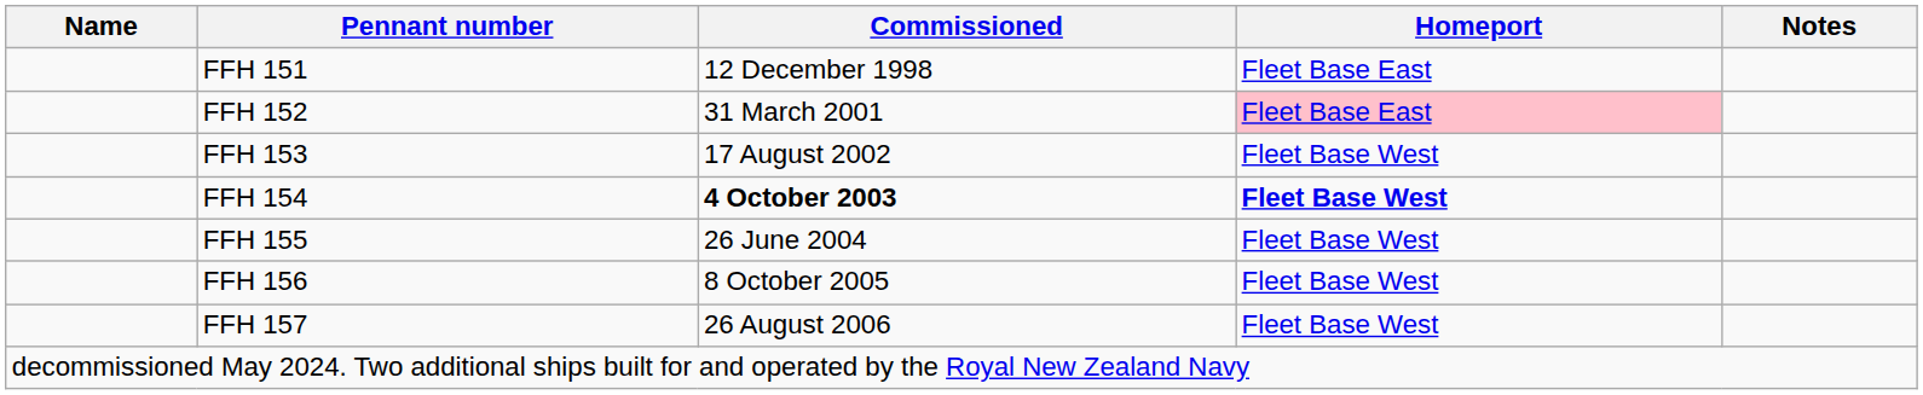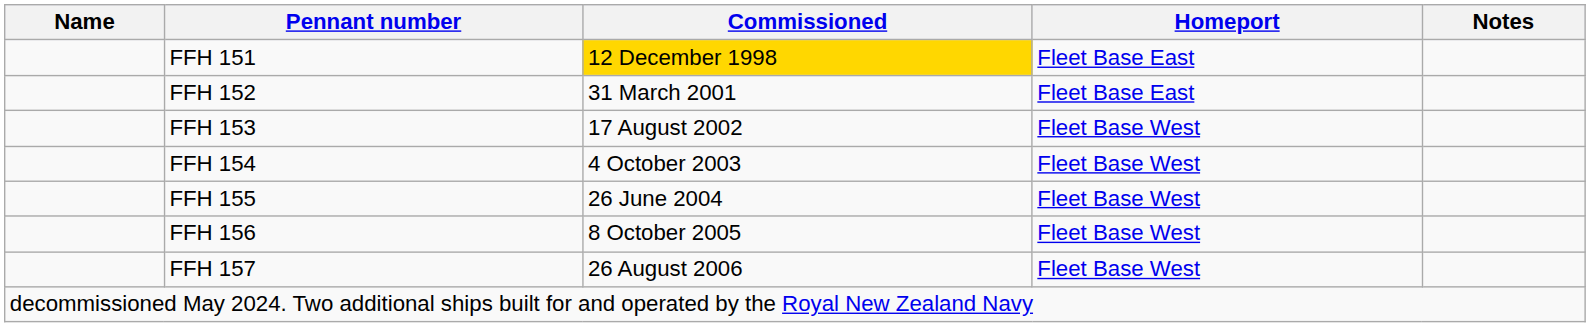 <table class="wikitable" width=90% style="text-align: left">
 <tr bgcolor=lavender>
 <th>Name</th>
 <th><a href='#'>Pennant number</a></th>
 <th><a href='#'>Commissioned</a></th>
 <th><a href='#'>Homeport</a></th>
 <th>Notes</th>
 </tr>
 <tr>
 <td valign=top></td>
 <td>FFH 151</td>
-<td>12 December 1998</td>
+<td style="background: gold;">12 December 1998</td>
 <td><a href='#'>Fleet Base East</a></td>
 <td></td>
 </tr>
 <tr>
 <td valign=top></td>
 <td>FFH 152</td>
 <td>31 March 2001</td>
-<td style="background: pink;"><a href='#'>Fleet Base East</a></td>
+<td><a href='#'>Fleet Base East</a></td>
 <td></td>
 </tr>
 <tr>
 <td valign=top></td>
 <td>FFH 153</td>
 <td>17 August 2002</td>
 <td><a href='#'>Fleet Base West</a></td>
 <td></td>
 </tr>
 <tr>
 <td valign=top></td>
 <td>FFH 154</td>
-<td><strong>4 October 2003</strong></td>
-<td><strong><a href='#'>Fleet Base West</a></strong></td>
+<td>4 October 2003</td>
+<td><a href='#'>Fleet Base West</a></td>
 <td></td>
 </tr>
 <tr>
 <td valign=top></td>
 <td>FFH 155</td>
 <td>26 June 2004</td>
 <td><a href='#'>Fleet Base West</a></td>
 <td></td>
 </tr>
 <tr>
 <td valign=top></td>
 <td>FFH 156</td>
 <td>8 October 2005</td>
 <td><a href='#'>Fleet Base West</a></td>
 <td></td>
 </tr>
 <tr>
 <td valign=top></td>
 <td>FFH 157</td>
 <td>26 August 2006</td>
 <td><a href='#'>Fleet Base West</a></td>
 <td></td>
 </tr>
 <tr>
 <td colspan="5" style="text-align: left;"> decommissioned May 2024. Two additional ships built for and operated by the <a href='#'>Royal New Zealand Navy</a></td>
 </tr>
 </table>
